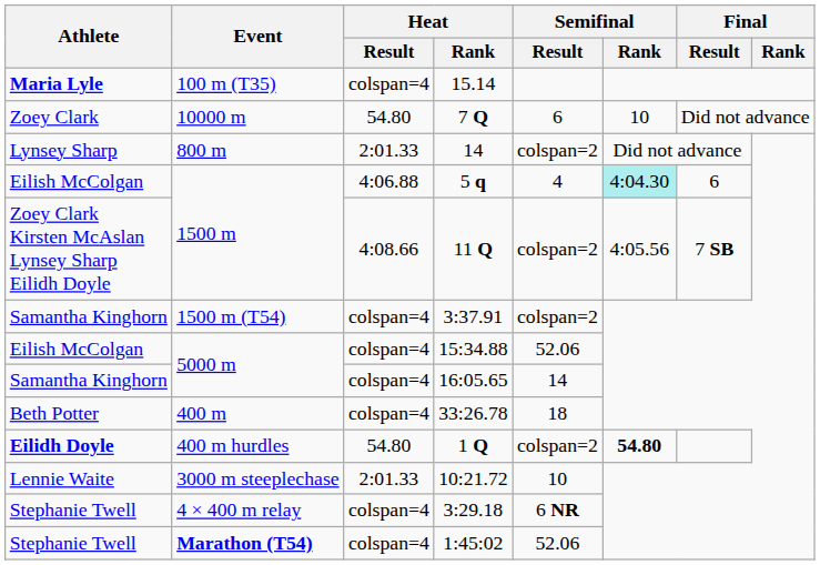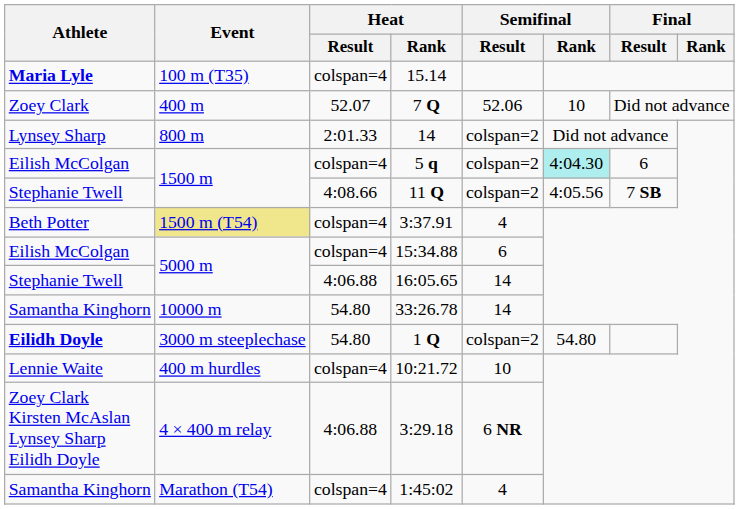 <table class="wikitable" style="font-size:90%">
 <tr>
 <th rowspan=2>Athlete</th>
 <th rowspan=2>Event</th>
 <th colspan=2>Heat</th>
 <th colspan=2>Semifinal</th>
 <th colspan=2>Final</th>
 </tr>
 <tr style="font-size:95%">
 <th>Result</th>
 <th>Rank</th>
 <th>Result</th>
 <th>Rank</th>
 <th>Result</th>
 <th>Rank</th>
 </tr>
 <tr align=center>
 <td align=left><strong><a href='#'>Maria Lyle</a></strong></td>
 <td align=left><a href='#'>100 m (T35)</a></td>
 <td>colspan=4 </td>
 <td>15.14</td>
 <td></td>
 </tr>
 <tr align=center>
 <td align=left><a href='#'>Zoey Clark</a></td>
-<td style="text-align:left;"><a href='#'>10000 m</a></td>
-<td>54.80</td>
+<td align=left><a href='#'>400 m</a></td>
+<td>52.07</td>
 <td>7 <strong>Q</strong></td>
-<td>6</td>
+<td>52.06</td>
 <td>10</td>
 <td colspan=2>Did not advance</td>
 </tr>
 <tr align=center>
 <td align=left><a href='#'>Lynsey Sharp</a></td>
 <td align=left><a href='#'>800 m</a></td>
 <td>2:01.33</td>
 <td>14</td>
 <td>colspan=2 </td>
 <td colspan=2>Did not advance</td>
 </tr>
 <tr align=center>
 <td align=left><a href='#'>Eilish McColgan</a></td>
 <td style="text-align:left;" rowspan="2"><a href='#'>1500 m</a></td>
-<td>4:06.88</td>
+<td>colspan=4 </td>
 <td>5 <strong>q</strong></td>
-<td>4</td>
+<td>colspan=2 </td>
 <td style="background: paleturquoise;">4:04.30</td>
 <td>6</td>
 </tr>
 <tr align=center>
-<td align=left><a href='#'>Zoey Clark</a><br><a href='#'>Kirsten McAslan</a><br><a href='#'>Lynsey Sharp</a><br><a href='#'>Eilidh Doyle</a></td>
+<td align=left><a href='#'>Stephanie Twell</a></td>
 <td>4:08.66</td>
 <td>11 <strong>Q</strong></td>
 <td>colspan=2 </td>
 <td>4:05.56</td>
 <td>7 <strong>SB</strong></td>
 </tr>
 <tr align=center>
-<td align=left><a href='#'>Samantha Kinghorn</a></td>
-<td align=left><a href='#'>1500 m (T54)</a></td>
+<td align=left><a href='#'>Beth Potter</a></td>
+<td align=left style="background: khaki;"><a href='#'>1500 m (T54)</a></td>
 <td>colspan=4 </td>
 <td>3:37.91</td>
-<td>colspan=2 </td>
+<td>4</td>
 </tr>
 <tr align=center>
 <td align=left><a href='#'>Eilish McColgan</a></td>
 <td style="text-align:left;" rowspan="2"><a href='#'>5000 m</a></td>
 <td>colspan=4 </td>
 <td>15:34.88</td>
-<td>52.06</td>
+<td>6</td>
 </tr>
 <tr align=center>
-<td align=left><a href='#'>Samantha Kinghorn</a></td>
-<td>colspan=4 </td>
+<td align=left><a href='#'>Stephanie Twell</a></td>
+<td>4:06.88</td>
 <td>16:05.65</td>
 <td>14</td>
 </tr>
 <tr align=center>
-<td align=left><a href='#'>Beth Potter</a></td>
-<td align=left><a href='#'>400 m</a></td>
-<td>colspan=4 </td>
+<td align=left><a href='#'>Samantha Kinghorn</a></td>
+<td style="text-align:left;"><a href='#'>10000 m</a></td>
+<td>54.80</td>
 <td>33:26.78</td>
-<td>18</td>
+<td>14</td>
 </tr>
 <tr align=center>
 <td align=left><strong><a href='#'>Eilidh Doyle</a></strong></td>
-<td align=left><a href='#'>400 m hurdles</a></td>
+<td align=left><a href='#'>3000 m steeplechase</a></td>
 <td>54.80</td>
 <td>1 <strong>Q</strong></td>
 <td>colspan=2 </td>
-<td><strong>54.80</strong></td>
+<td>54.80</td>
 <td></td>
 </tr>
 <tr align=center>
 <td align=left><a href='#'>Lennie Waite</a></td>
-<td align=left><a href='#'>3000 m steeplechase</a></td>
-<td>2:01.33</td>
+<td align=left><a href='#'>400 m hurdles</a></td>
+<td>colspan=4 </td>
 <td>10:21.72</td>
 <td>10</td>
 </tr>
 <tr align=center>
-<td align=left><a href='#'>Stephanie Twell</a></td>
+<td align=left><a href='#'>Zoey Clark</a><br><a href='#'>Kirsten McAslan</a><br><a href='#'>Lynsey Sharp</a><br><a href='#'>Eilidh Doyle</a></td>
 <td align=left><a href='#'>4 × 400 m relay</a></td>
-<td>colspan=4 </td>
+<td>4:06.88</td>
 <td>3:29.18</td>
 <td>6 <strong>NR</strong></td>
 </tr>
 <tr align=center>
-<td align=left><a href='#'>Stephanie Twell</a></td>
-<td align=left><strong><a href='#'>Marathon (T54)</a></strong></td>
+<td align=left><a href='#'>Samantha Kinghorn</a></td>
+<td align=left><a href='#'>Marathon (T54)</a></td>
 <td>colspan=4 </td>
 <td>1:45:02</td>
-<td>52.06</td>
+<td>4</td>
 </tr>
 </table>
